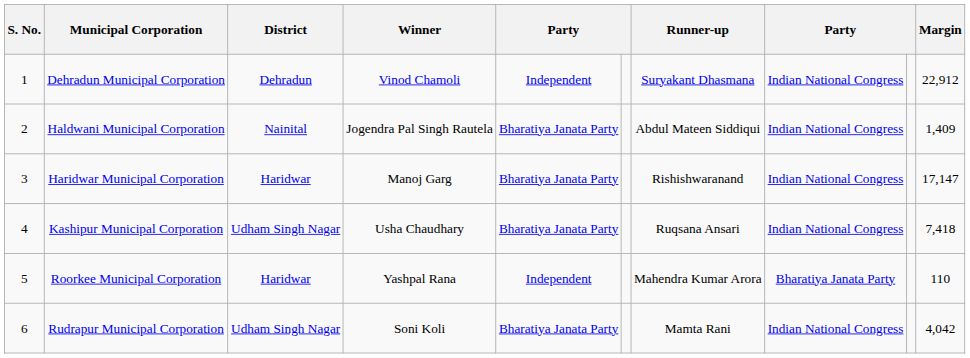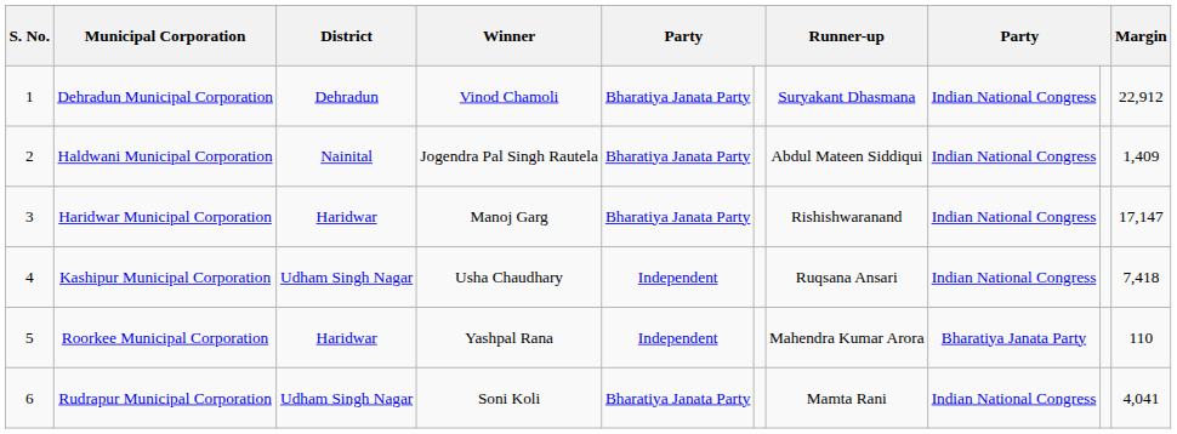 <table class="wikitable sortable">
 <tr style="text-align:center; height:60px;">
 <th scope="col">S. No.</th>
 <th>Municipal Corporation</th>
 <th>District</th>
 <th>Winner</th>
 <th colspan=2>Party</th>
 <th>Runner-up</th>
 <th colspan=2>Party</th>
 <th>Margin</th>
 </tr>
 <tr style="text-align:center; height:60px;">
 <td>1</td>
 <td><a href='#'>Dehradun Municipal Corporation</a></td>
 <td><a href='#'>Dehradun</a></td>
 <td><a href='#'>Vinod Chamoli</a></td>
-<td><a href='#'>Independent</a></td>
+<td><a href='#'>Bharatiya Janata Party</a></td>
 <td width="4px" style="background-color: "></td>
 <td><a href='#'>Suryakant Dhasmana</a></td>
 <td><a href='#'>Indian National Congress</a></td>
 <td width="4px" style="background-color: "></td>
 <td>22,912</td>
 </tr>
 <tr style="text-align:center; height:60px;">
 <td>2</td>
 <td><a href='#'>Haldwani Municipal Corporation</a></td>
 <td><a href='#'>Nainital</a></td>
 <td>Jogendra Pal Singh Rautela</td>
 <td><a href='#'>Bharatiya Janata Party</a></td>
 <td width="4px" style="background-color: "></td>
 <td>Abdul Mateen Siddiqui</td>
 <td><a href='#'>Indian National Congress</a></td>
 <td width="4px" style="background-color: "></td>
 <td>1,409</td>
 </tr>
 <tr style="text-align:center; height:60px;">
 <td>3</td>
 <td><a href='#'>Haridwar Municipal Corporation</a></td>
 <td><a href='#'>Haridwar</a></td>
 <td>Manoj Garg</td>
 <td><a href='#'>Bharatiya Janata Party</a></td>
 <td width="4px" style="background-color: "></td>
 <td>Rishishwaranand</td>
 <td><a href='#'>Indian National Congress</a></td>
 <td width="4px" style="background-color: "></td>
 <td>17,147</td>
 </tr>
 <tr style="text-align:center; height:60px;">
 <td>4</td>
 <td><a href='#'>Kashipur Municipal Corporation</a></td>
 <td><a href='#'>Udham Singh Nagar</a></td>
 <td>Usha Chaudhary</td>
-<td><a href='#'>Bharatiya Janata Party</a></td>
+<td><a href='#'>Independent</a></td>
 <td width="4px" style="background-color: "></td>
 <td>Ruqsana Ansari</td>
 <td><a href='#'>Indian National Congress</a></td>
 <td width="4px" style="background-color: "></td>
 <td>7,418</td>
 </tr>
 <tr style="text-align:center; height:60px;">
 <td>5</td>
 <td><a href='#'>Roorkee Municipal Corporation</a></td>
 <td><a href='#'>Haridwar</a></td>
 <td>Yashpal Rana</td>
 <td><a href='#'>Independent</a></td>
 <td width="4px" style="background-color: "></td>
 <td>Mahendra Kumar Arora</td>
 <td><a href='#'>Bharatiya Janata Party</a></td>
 <td width="4px" style="background-color: "></td>
 <td>110</td>
 </tr>
 <tr style="text-align:center; height:60px;">
 <td>6</td>
 <td><a href='#'>Rudrapur Municipal Corporation</a></td>
 <td><a href='#'>Udham Singh Nagar</a></td>
 <td>Soni Koli</td>
 <td><a href='#'>Bharatiya Janata Party</a></td>
 <td width="4px" style="background-color: "></td>
 <td>Mamta Rani</td>
 <td><a href='#'>Indian National Congress</a></td>
 <td width="4px" style="background-color: "></td>
-<td>4,042</td>
+<td>4,041</td>
 </tr>
 </table>
